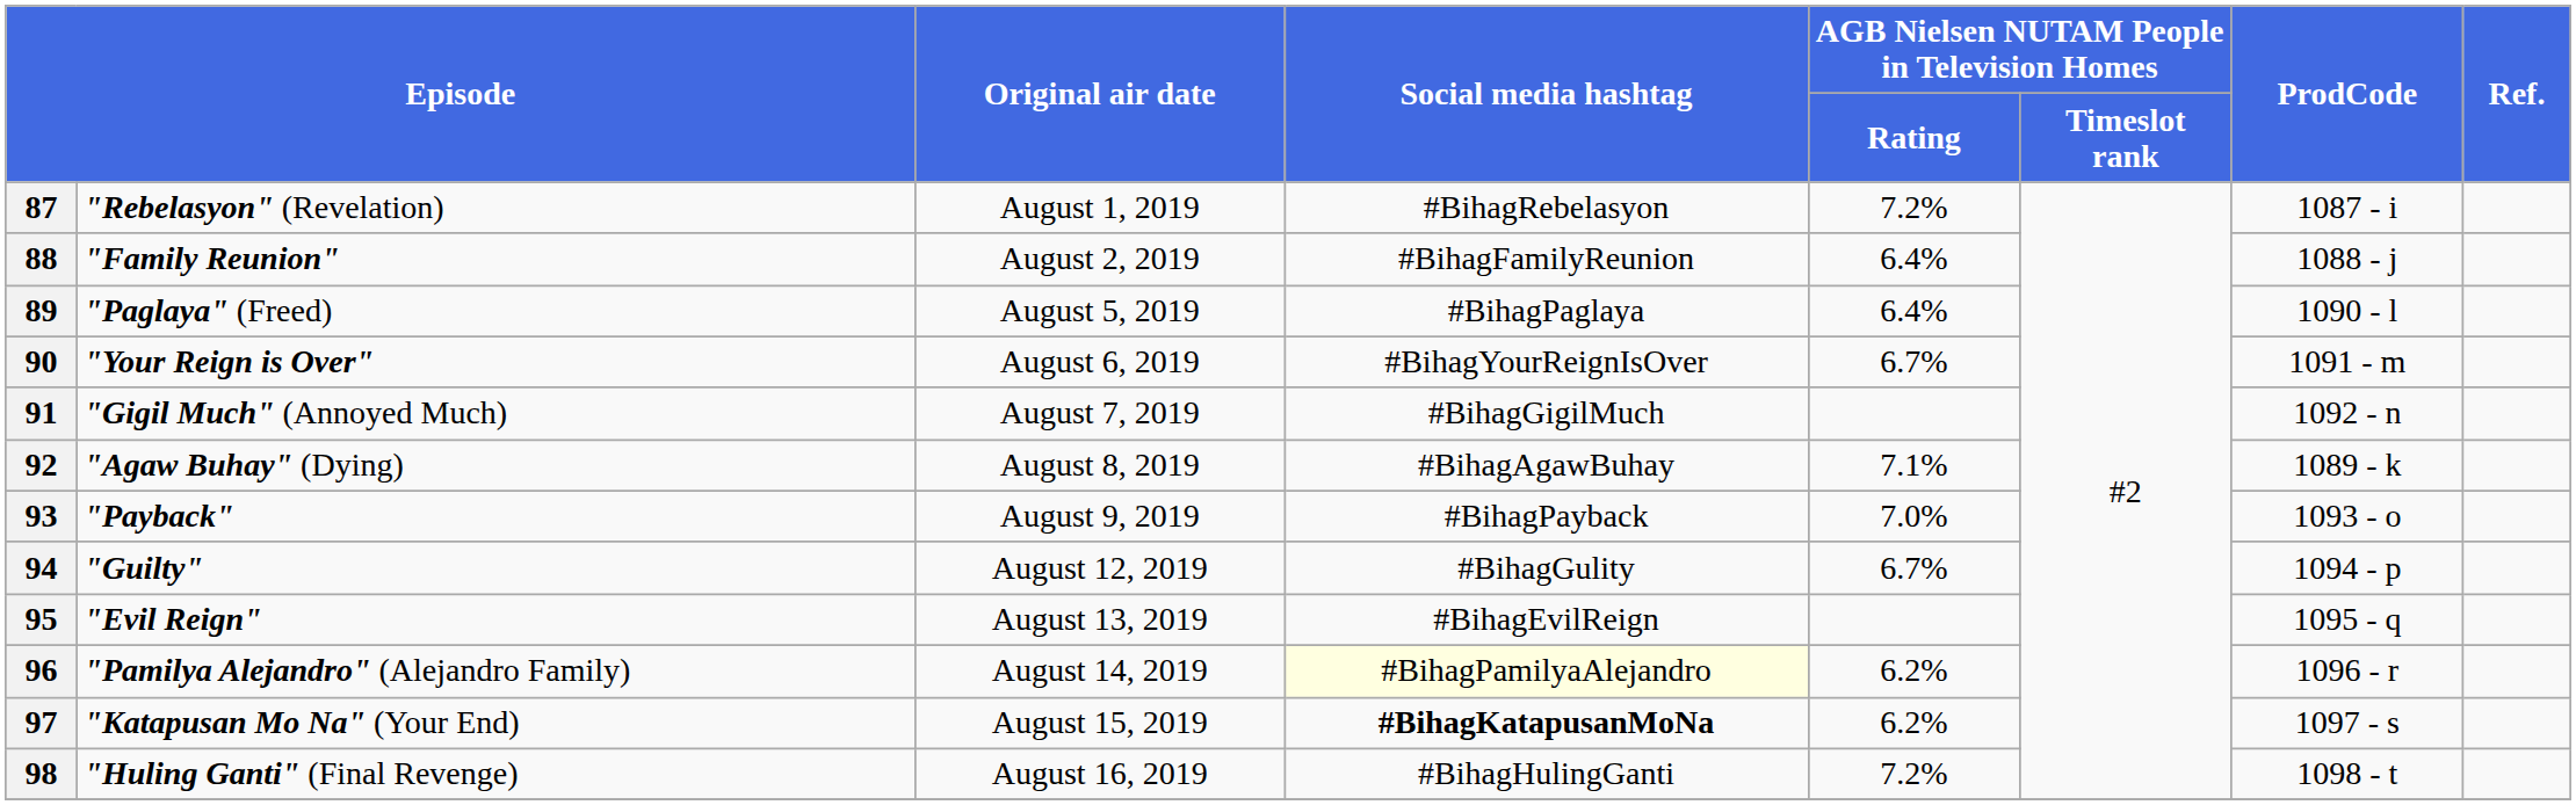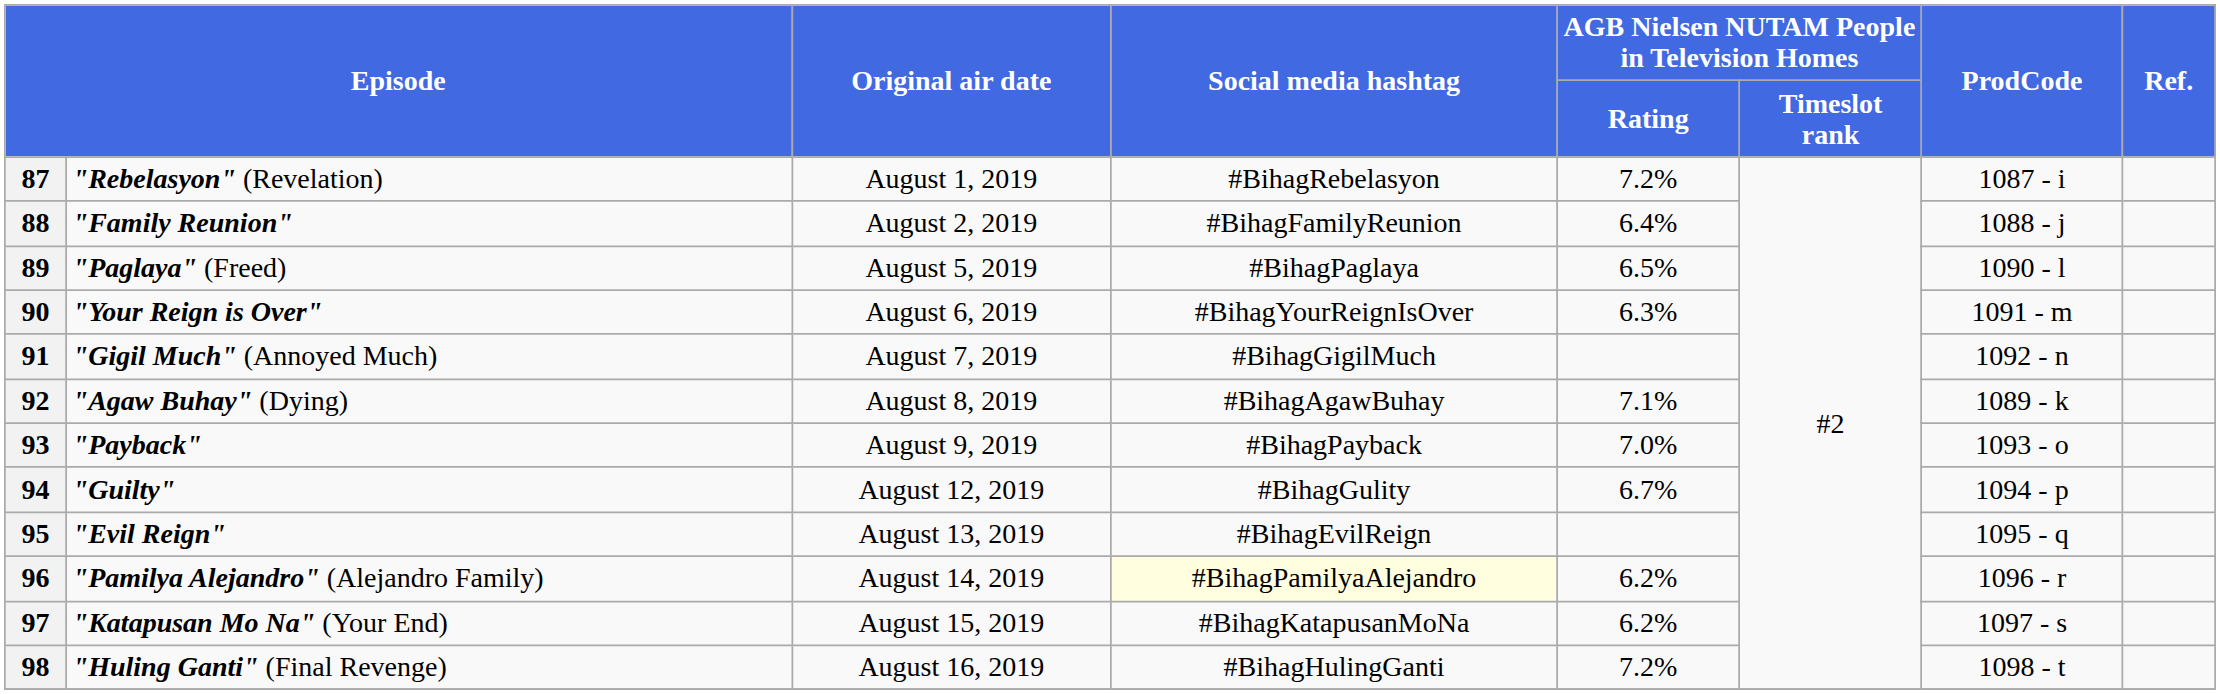 <table class="wikitable" style="text-align:center; font-size:100%; line-height:18px;" width="100%">
 <tr>
 <th style="background-color:#4169E1; color:#ffffff;" colspan="2" rowspan="2">Episode</th>
 <th style="background-color:#4169E1; color:white" rowspan="2">Original air date</th>
 <th style="background-color:#4169E1; color:white" rowspan="2">Social media hashtag</th>
 <th style="background-color:#4169E1; color:#ffffff;" colspan="2">AGB Nielsen NUTAM People in Television Homes</th>
 <th style="background-color:#4169E1; color:#ffffff;" rowspan="2">ProdCode</th>
 <th style="background-color:#4169E1;  color:#ffffff;" rowspan="2">Ref.</th>
 </tr>
 <tr>
 <th style="background-color:#4169E1; width:75px; color:#ffffff;">Rating</th>
 <th style="background-color:#4169E1;  width:75px; color:#ffffff;">Timeslot<br>rank</th>
 </tr>
 <tr>
 <th>87</th>
 <td style="text-align: left;"><strong><em>"Rebelasyon"</em></strong> (Revelation)</td>
 <td>August 1, 2019</td>
 <td>#BihagRebelasyon</td>
 <td>7.2%</td>
 <td rowspan="12">#2</td>
 <td>1087 - i</td>
 <td></td>
 </tr>
 <tr>
 <th>88</th>
 <td style="text-align: left;"><strong><em>"Family Reunion"</em></strong></td>
 <td>August 2, 2019</td>
 <td>#BihagFamilyReunion</td>
 <td>6.4%</td>
 <td>1088 - j</td>
 <td></td>
 </tr>
 <tr>
 <th>89</th>
 <td style="text-align: left;"><strong><em>"Paglaya"</em></strong> (Freed)</td>
 <td>August 5, 2019</td>
 <td>#BihagPaglaya</td>
-<td>6.4%</td>
+<td>6.5%</td>
 <td>1090 - l</td>
 <td></td>
 </tr>
 <tr>
 <th>90</th>
 <td style="text-align: left;"><strong><em>"Your Reign is Over"</em></strong></td>
 <td>August 6, 2019</td>
 <td>#BihagYourReignIsOver</td>
-<td>6.7%</td>
+<td>6.3%</td>
 <td>1091 - m</td>
 <td></td>
 </tr>
 <tr>
 <th>91</th>
 <td style="text-align: left;"><strong><em>"Gigil Much"</em></strong> (Annoyed Much)</td>
 <td>August 7, 2019</td>
 <td>#BihagGigilMuch</td>
 <td></td>
 <td>1092 - n</td>
 <td></td>
 </tr>
 <tr>
 <th>92</th>
 <td style="text-align: left;"><strong><em>"Agaw Buhay"</em></strong> (Dying)</td>
 <td>August 8, 2019</td>
 <td>#BihagAgawBuhay</td>
 <td>7.1%</td>
 <td>1089 - k</td>
 <td></td>
 </tr>
 <tr>
 <th>93</th>
 <td style="text-align: left;"><strong><em>"Payback"</em></strong></td>
 <td>August 9, 2019</td>
 <td>#BihagPayback</td>
 <td>7.0%</td>
 <td>1093 - o</td>
 <td></td>
 </tr>
 <tr>
 <th>94</th>
 <td style="text-align: left;"><strong><em>"Guilty"</em></strong></td>
 <td>August 12, 2019</td>
 <td>#BihagGulity</td>
 <td>6.7%</td>
 <td>1094 - p</td>
 <td></td>
 </tr>
 <tr>
 <th>95</th>
 <td style="text-align: left;"><strong><em>"Evil Reign"</em></strong></td>
 <td>August 13, 2019</td>
 <td>#BihagEvilReign</td>
 <td></td>
 <td>1095 - q</td>
 <td></td>
 </tr>
 <tr>
 <th>96</th>
 <td style="text-align: left;"><strong><em>"Pamilya Alejandro"</em></strong> (Alejandro Family)</td>
 <td>August 14, 2019</td>
 <td style="background: lightyellow;">#BihagPamilyaAlejandro</td>
 <td>6.2%</td>
 <td>1096 - r</td>
 <td></td>
 </tr>
 <tr>
 <th>97</th>
 <td style="text-align: left;"><strong><em>"Katapusan Mo Na"</em></strong> (Your End)</td>
 <td>August 15, 2019</td>
-<td><strong>#BihagKatapusanMoNa</strong></td>
+<td>#BihagKatapusanMoNa</td>
 <td>6.2%</td>
 <td>1097 - s</td>
 <td></td>
 </tr>
 <tr>
 <th>98</th>
 <td style="text-align: left;"><strong><em>"Huling Ganti"</em></strong> (Final Revenge)</td>
 <td>August 16, 2019</td>
 <td>#BihagHulingGanti</td>
 <td>7.2%</td>
 <td>1098 - t</td>
 <td></td>
 </tr>
 <tr>
 </tr>
 </table>
